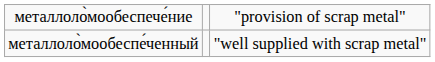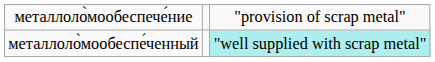 <table class="wikitable" style="text-align: center;" cellpadding="4">
 <tr>
 <td>металлоло̀мообеспече́ние</td>
 <td></td>
 <td>"provision of scrap metal"</td>
 </tr>
 <tr>
 <td>металлоло̀мообеспе́ченный</td>
 <td></td>
-<td>"well supplied with scrap metal"</td>
+<td style="background: paleturquoise;">"well supplied with scrap metal"</td>
 </tr>
 </table>
